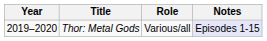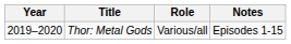 <table class="wikitable sortable">
 <tr>
 <th>Year</th>
 <th>Title</th>
 <th>Role</th>
 <th class="unsortable">Notes</th>
 </tr>
 <tr>
 <td rowspan=3>2019–2020</td>
 <td><em>Thor: Metal Gods</em></td>
 <td>Various/all</td>
-<td style="background: lavender;">Episodes 1-15</td>
+<td>Episodes 1-15</td>
 </tr>
 </table>
